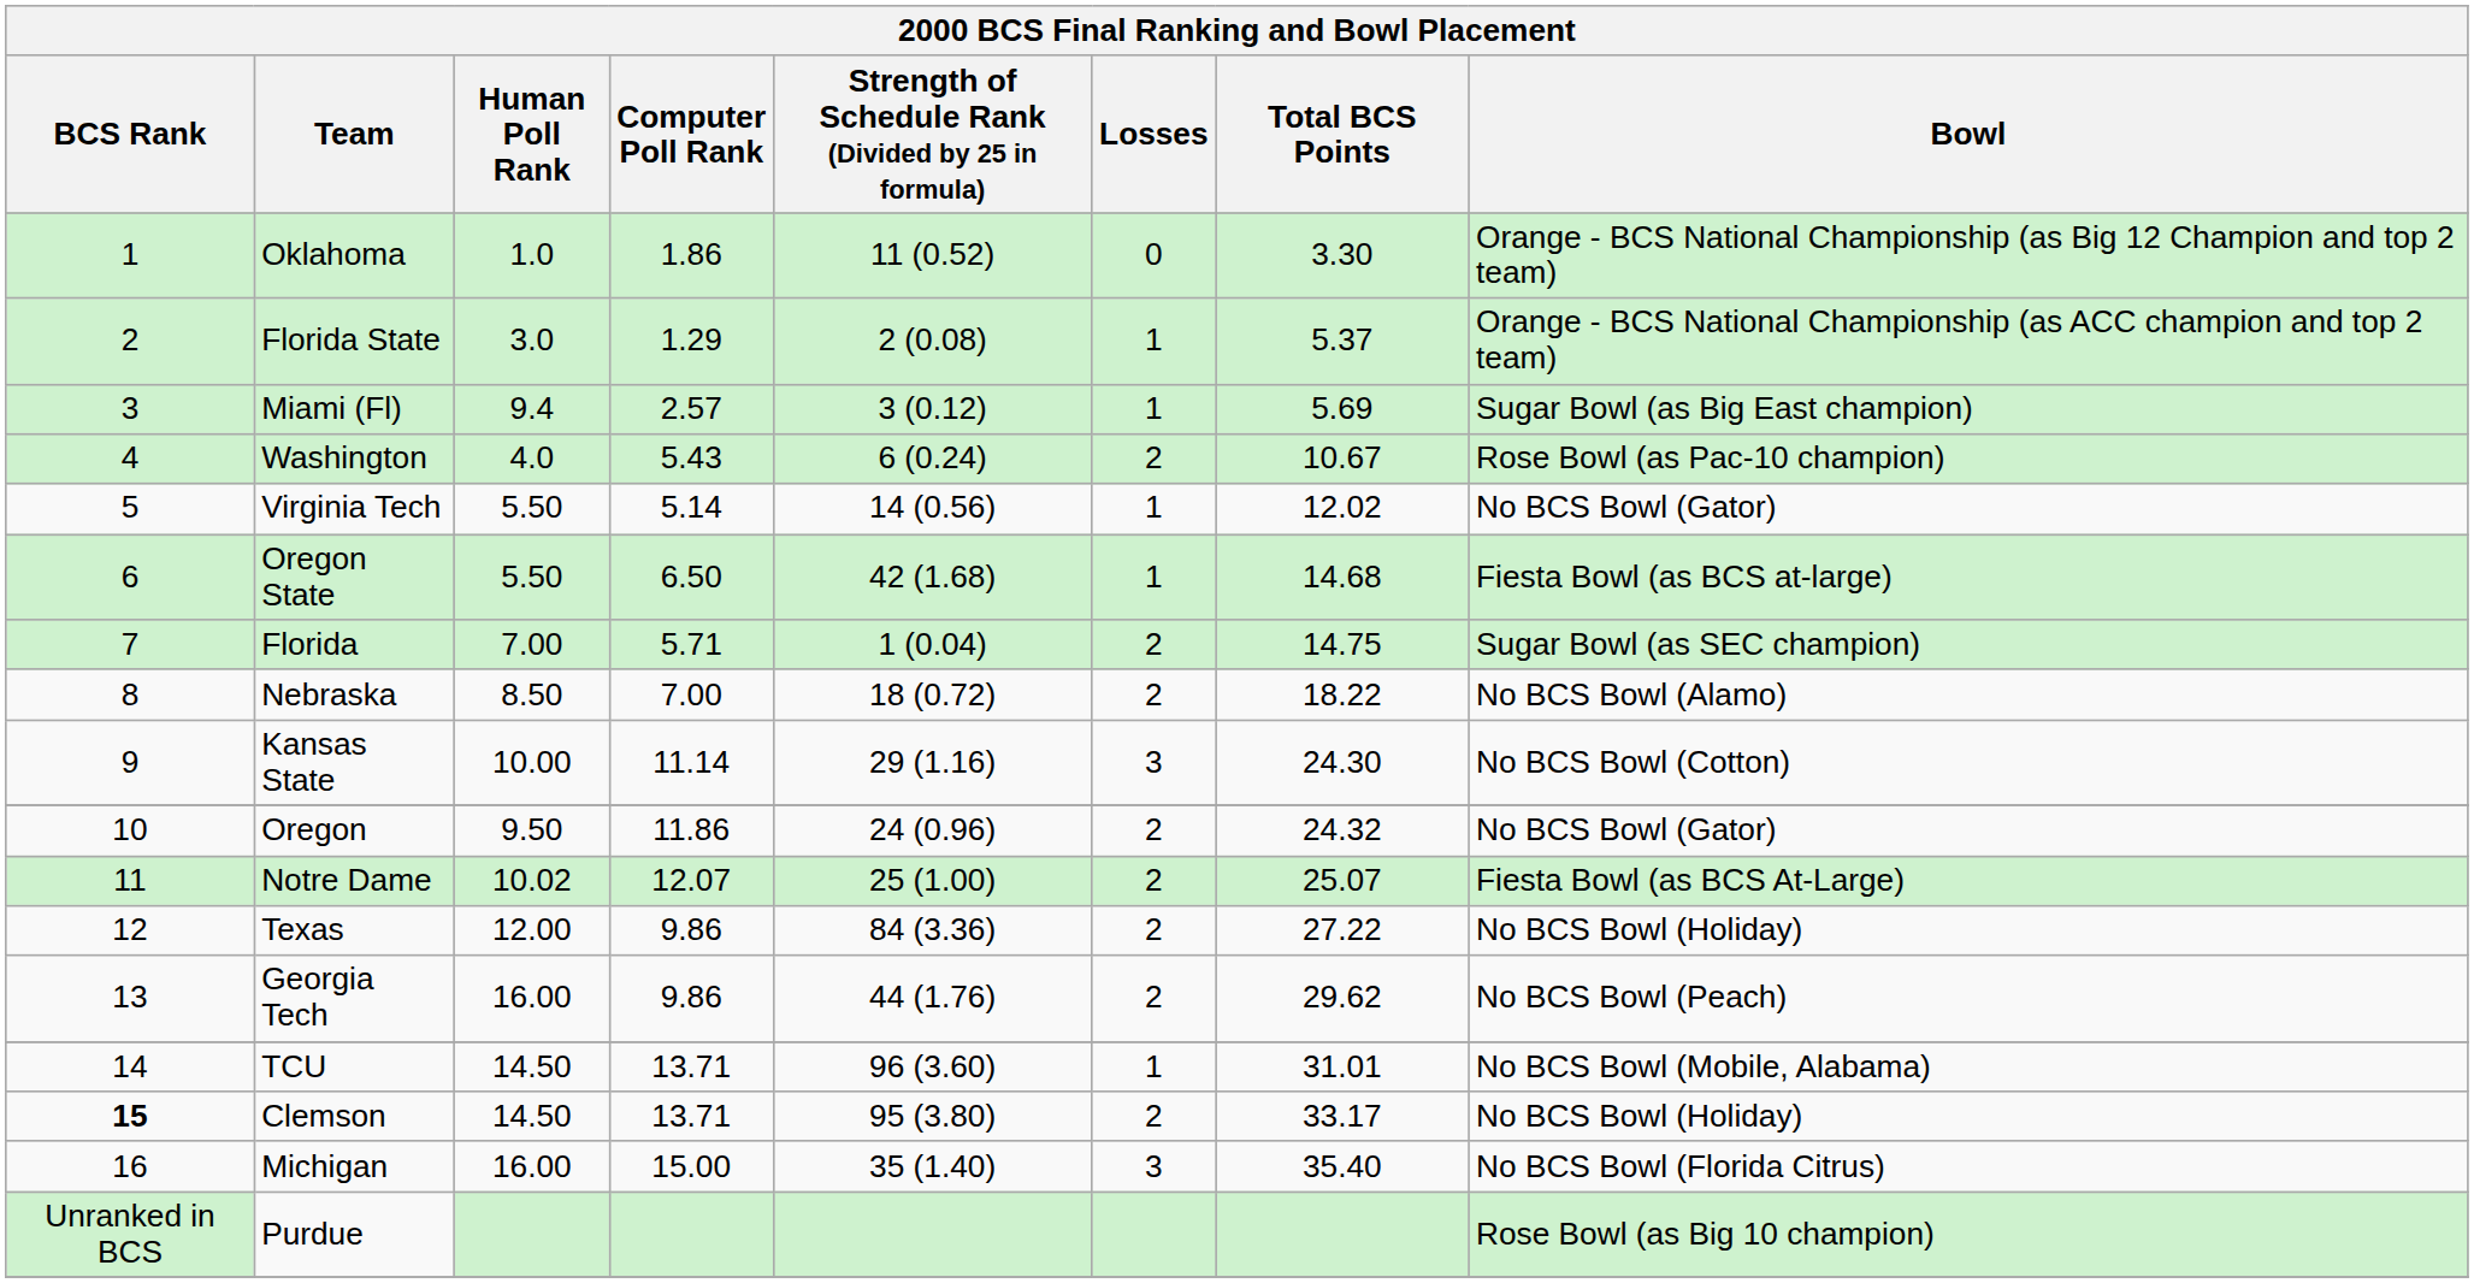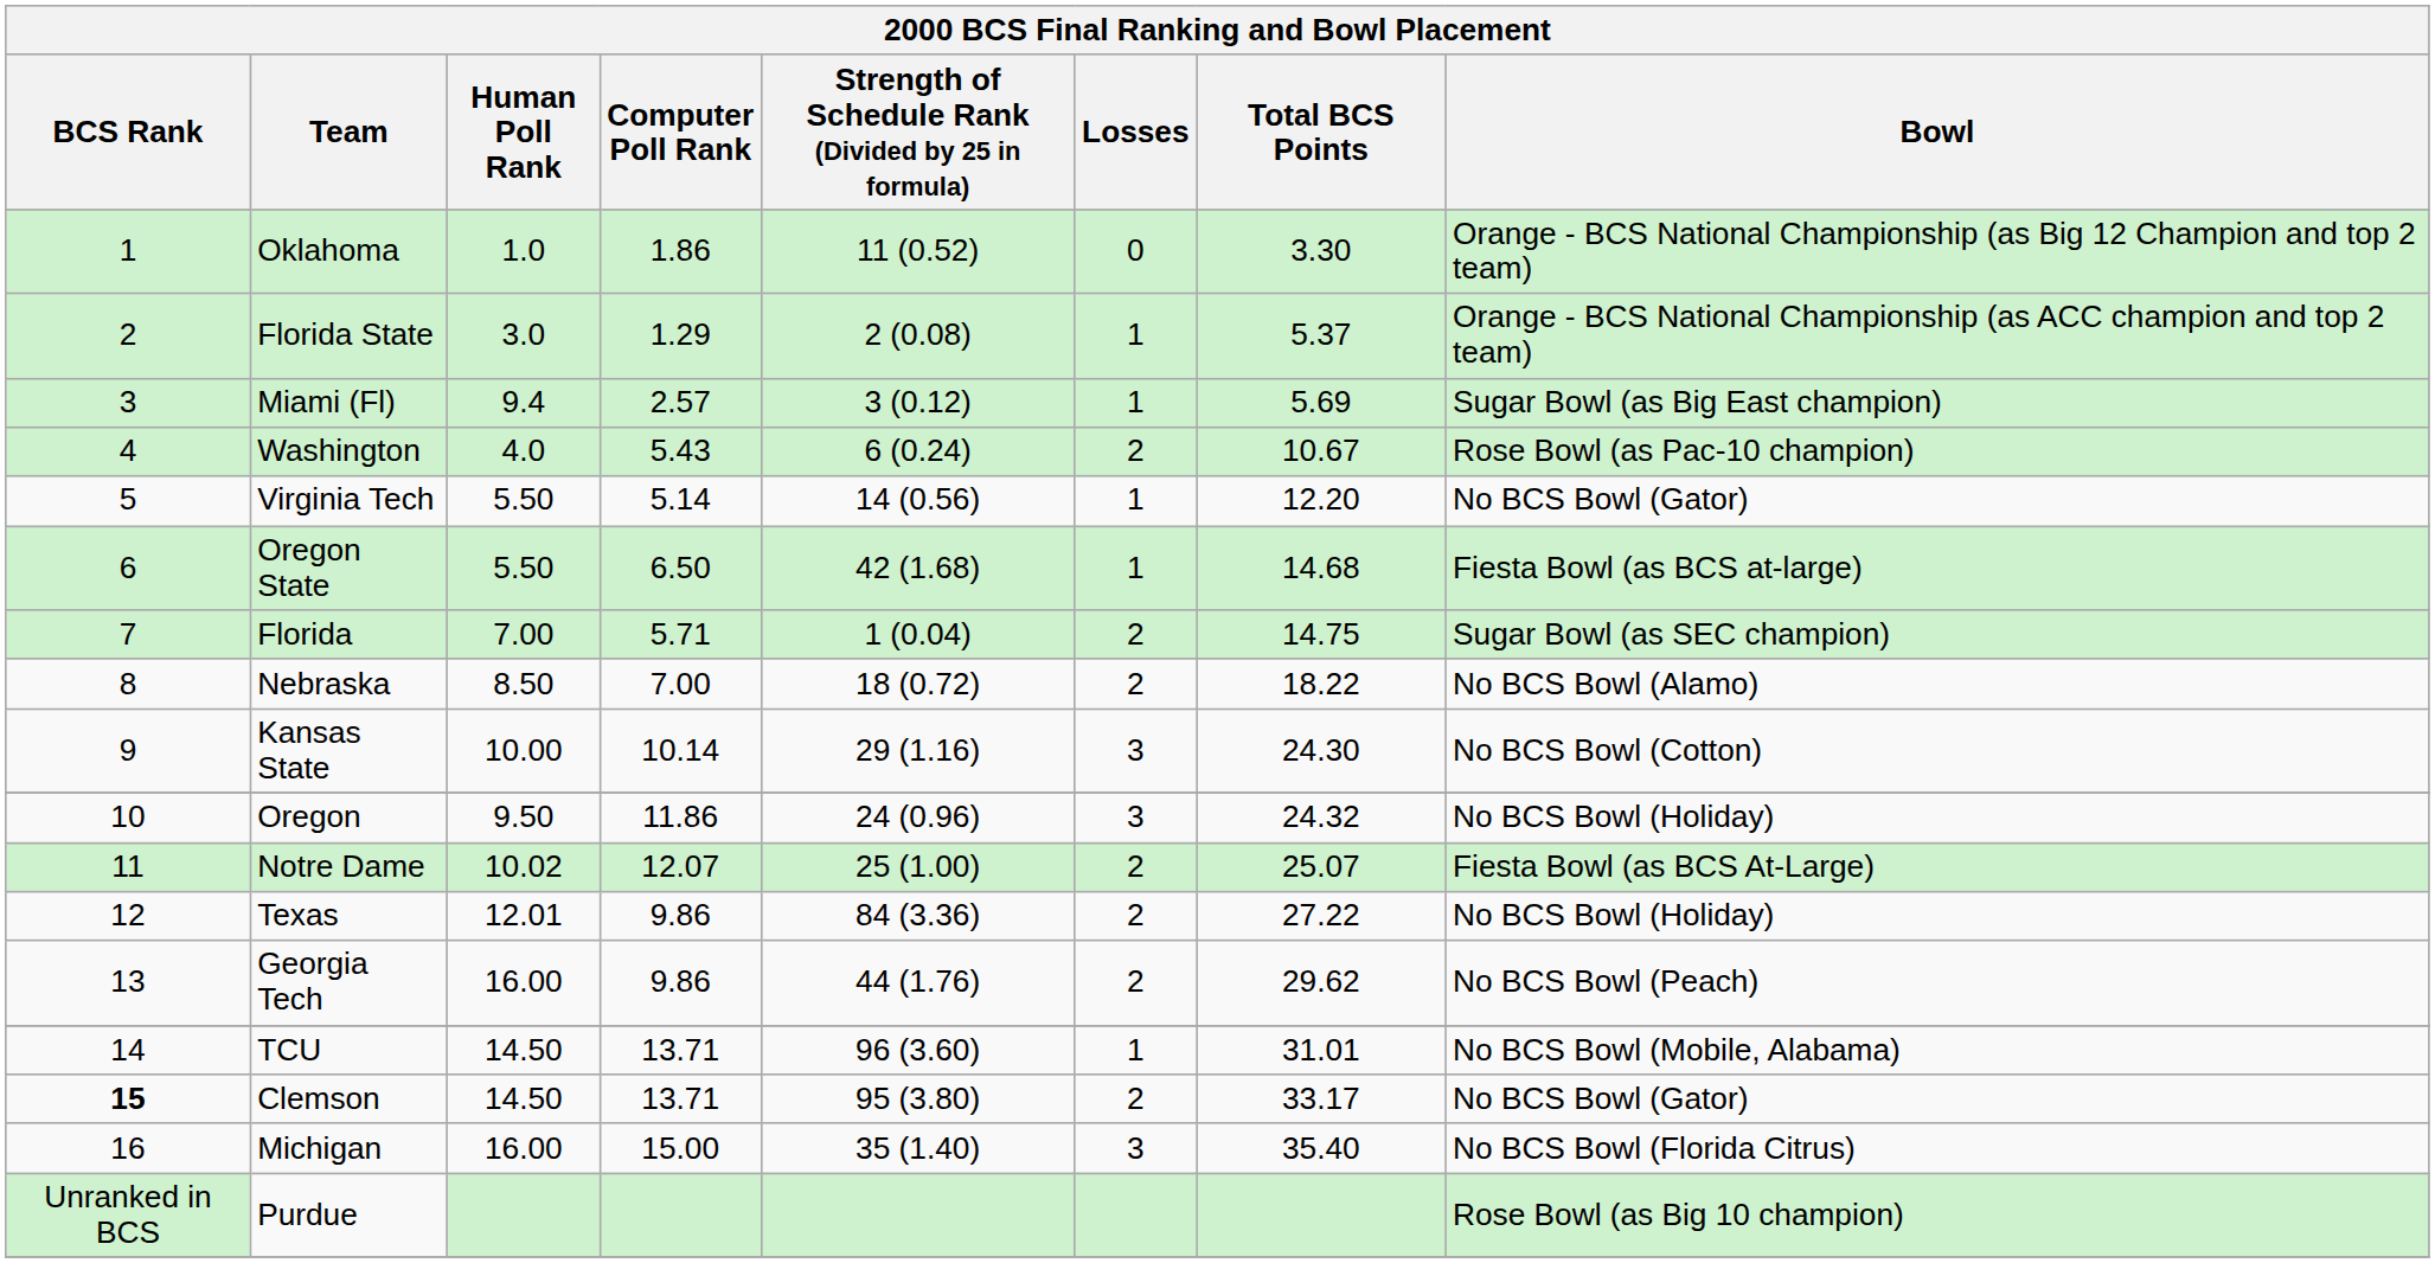 <table class="wikitable" width="auto" style="text-align: center">
 <tr>
 <th colspan="8">2000 BCS Final Ranking and Bowl Placement </th>
 </tr>
 <tr style="background:#efefef;">
 <th>BCS Rank</th>
 <th>Team</th>
 <th>Human<br> Poll Rank</th>
 <th>Computer <br> Poll Rank</th>
 <th>Strength of <br> Schedule Rank<br> <small> (Divided by 25 in formula)</small></th>
 <th>Losses</th>
 <th>Total BCS Points</th>
 <th>Bowl</th>
 </tr>
 <tr>
 <td style= "background: #CEF2CE;">1</td>
 <td style="text-align:left; background: #CEF2CE;">Oklahoma</td>
 <td style="background: #CEF2CE;">1.0</td>
 <td style="background: #CEF2CE;">1.86</td>
 <td style="background: #CEF2CE;">11 (0.52)</td>
 <td style="background: #CEF2CE;">0</td>
 <td style="background: #CEF2CE;">3.30</td>
 <td style="text-align:left; background: #CEF2CE;">Orange - BCS National Championship (as Big 12 Champion and top 2 team)</td>
 </tr>
 <tr>
 <td style="background: #CEF2CE;">2</td>
 <td style="text-align:left; background: #CEF2CE;">Florida State</td>
 <td style="background: #CEF2CE;">3.0</td>
 <td style="background: #CEF2CE;">1.29</td>
 <td style="background: #CEF2CE;">2 (0.08)</td>
 <td style="background: #CEF2CE;">1</td>
 <td style="background: #CEF2CE;">5.37</td>
 <td style="text-align:left; background: #CEF2CE;">Orange - BCS National Championship (as ACC champion and top 2 team)</td>
 </tr>
 <tr>
 <td style= "background: #CEF2CE;">3</td>
 <td style="text-align:left; background: #CEF2CE;">Miami (Fl)</td>
 <td style="background: #CEF2CE;">9.4</td>
 <td style="background: #CEF2CE;">2.57</td>
 <td style="background: #CEF2CE;">3 (0.12)</td>
 <td style="background: #CEF2CE;">1</td>
 <td style="background: #CEF2CE;">5.69</td>
 <td style="text-align:left; background: #CEF2CE;">Sugar Bowl (as Big East champion)</td>
 </tr>
 <tr>
 <td style="background: #CEF2CE;">4</td>
 <td style="text-align:left; background: #CEF2CE;">Washington</td>
 <td style="background: #CEF2CE;">4.0</td>
 <td style="background: #CEF2CE;">5.43</td>
 <td style="background: #CEF2CE;">6 (0.24)</td>
 <td style="background: #CEF2CE;">2</td>
 <td style="background: #CEF2CE;">10.67</td>
 <td style="text-align:left; background: #CEF2CE;">Rose Bowl (as Pac-10 champion)</td>
 </tr>
 <tr>
 <td style="text-align:center">5</td>
 <td style="text-align:left;">Virginia Tech</td>
 <td style="text-align:center;">5.50</td>
 <td style="text-align:center;">5.14</td>
 <td style="text-align:center;">14 (0.56)</td>
 <td style="text-align:center;">1</td>
-<td style="text-align:center;">12.02</td>
+<td style="text-align:center;">12.20</td>
 <td style="text-align:left;">No BCS Bowl (Gator)</td>
 </tr>
 <tr>
 <td style= "background: #CEF2CE;">6</td>
 <td style="text-align:left; background: #CEF2CE;">Oregon State</td>
 <td style="background: #CEF2CE;">5.50</td>
 <td style="background: #CEF2CE;">6.50</td>
 <td style="background: #CEF2CE;">42 (1.68)</td>
 <td style="background: #CEF2CE;">1</td>
 <td style="background: #CEF2CE;">14.68</td>
 <td style="text-align:left; background: #CEF2CE;">Fiesta Bowl (as BCS at-large)</td>
 </tr>
 <tr>
 <td style= "background: #CEF2CE;">7</td>
 <td style="text-align:left; background: #CEF2CE;">Florida</td>
 <td style="background: #CEF2CE;">7.00</td>
 <td style="background: #CEF2CE;">5.71</td>
 <td style="background: #CEF2CE;">1 (0.04)</td>
 <td style="background: #CEF2CE;">2</td>
 <td style="background: #CEF2CE;">14.75</td>
 <td style="text-align:left; background: #CEF2CE;">Sugar Bowl (as SEC champion)</td>
 </tr>
 <tr>
 <td>8</td>
 <td style="text-align:left;">Nebraska</td>
 <td style="text-align:center;">8.50</td>
 <td style="text-align:center;">7.00</td>
 <td style="text-align:center;">18 (0.72)</td>
 <td style="text-align:center;">2</td>
 <td style="text-align:center;">18.22</td>
 <td style="text-align:left;">No BCS Bowl (Alamo)</td>
 </tr>
 <tr>
 <td>9</td>
 <td style="text-align:left;">Kansas State</td>
 <td style="text-align:center;">10.00</td>
-<td style="text-align:center;">11.14</td>
+<td style="text-align:center;">10.14</td>
 <td style="text-align:center;">29 (1.16)</td>
 <td style="text-align:center;">3</td>
 <td style="text-align:center;">24.30</td>
 <td style="text-align:left;">No BCS Bowl (Cotton)</td>
 </tr>
 <tr>
 </tr>
 <tr>
 <td>10</td>
 <td style="text-align:left;">Oregon</td>
 <td style="text-align:center;">9.50</td>
 <td style="text-align:center;">11.86</td>
 <td style="text-align:center;">24 (0.96)</td>
-<td style="text-align:center;">2</td>
+<td style="text-align:center;">3</td>
 <td style="text-align:center;">24.32</td>
-<td style="text-align:left;">No BCS Bowl (Gator)</td>
+<td style="text-align:left;">No BCS Bowl (Holiday)</td>
 </tr>
 <tr>
 <td style= "background: #CEF2CE;">11</td>
 <td style="text-align:left; background: #CEF2CE;">Notre Dame</td>
 <td style="background: #CEF2CE;">10.02</td>
 <td style="background: #CEF2CE;">12.07</td>
 <td style="background: #CEF2CE;">25 (1.00)</td>
 <td style="background: #CEF2CE;">2</td>
 <td style="background: #CEF2CE;">25.07</td>
 <td style="text-align:left; background: #CEF2CE;">Fiesta Bowl (as BCS At-Large)</td>
 </tr>
 <tr>
 <td style="text-align:center;">12</td>
 <td style="text-align:left;">Texas</td>
-<td style="text-align:center;">12.00</td>
+<td style="text-align:center;">12.01</td>
 <td style="text-align:center;">9.86</td>
 <td style="text-align:center;">84 (3.36)</td>
 <td style="text-align:center;">2</td>
 <td style="text-align:center;">27.22</td>
 <td style="text-align:left;">No BCS Bowl (Holiday)</td>
 </tr>
 <tr>
 <td style="text-align:center;">13</td>
 <td style="text-align:left;">Georgia Tech</td>
 <td style="text-align:center;">16.00</td>
 <td style="text-align:center;">9.86</td>
 <td style="text-align:center;">44 (1.76)</td>
 <td style="text-align:center;">2</td>
 <td style="text-align:center;">29.62</td>
 <td style="text-align:left;">No BCS Bowl (Peach)</td>
 </tr>
 <tr>
 </tr>
 <tr>
 <td style="text-align:center;">14</td>
 <td style="text-align:left;">TCU</td>
 <td style="text-align:center;">14.50</td>
 <td style="text-align:center;">13.71</td>
 <td style="text-align:center;">96 (3.60)</td>
 <td style="text-align:center;">1</td>
 <td style="text-align:center;">31.01</td>
 <td style="text-align:left;">No BCS Bowl (Mobile, Alabama)</td>
 </tr>
 <tr>
 <td style="text-align:center;"><strong>15</strong></td>
 <td style="text-align:left;">Clemson</td>
 <td style="text-align:center;">14.50</td>
 <td style="text-align:center;">13.71</td>
 <td style="text-align:center;">95 (3.80)</td>
 <td style="text-align:center;">2</td>
 <td style="text-align:center;">33.17</td>
-<td style="text-align:left;">No BCS Bowl (Holiday)</td>
+<td style="text-align:left;">No BCS Bowl (Gator)</td>
 </tr>
 <tr>
 <td style="text-align:center;">16</td>
 <td style="text-align:left;">Michigan</td>
 <td style="text-align:center;">16.00</td>
 <td style="text-align:center;">15.00</td>
 <td style="text-align:center;">35 (1.40)</td>
 <td style="text-align:center;">3</td>
 <td style="text-align:center;">35.40</td>
 <td style="text-align:left;">No BCS Bowl (Florida Citrus)</td>
 </tr>
 <tr>
 <td style= "background: #CEF2CE;">Unranked in BCS</td>
 <td style="text-align:left;" style="background: #CEF2CE;">Purdue</td>
 <td style="background: #CEF2CE;"></td>
 <td style="background: #CEF2CE;"></td>
 <td style="background: #CEF2CE;"></td>
 <td style="background: #CEF2CE;"></td>
 <td style="background: #CEF2CE;"></td>
 <td style="text-align:left; background: #CEF2CE;">Rose Bowl (as Big 10 champion)</td>
 </tr>
 <tr>
 </tr>
 </table>
